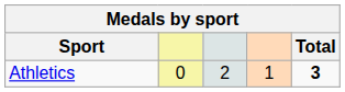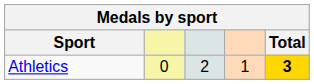 <table class="wikitable" style="font-size:90%; text-align:center;">
 <tr>
 <th colspan="5">Medals by sport</th>
 </tr>
 <tr>
 <th width="120">Sport</th>
 <th scope="col" width="30" style="background:#F7F6A8;"></th>
 <th scope="col" width="30" style="background:#DCE5E5;"></th>
 <th scope="col" width="30" style="background:#FFDAB9;"></th>
 <th width="30">Total</th>
 </tr>
 <tr>
 <td align="left"><a href='#'>Athletics</a></td>
 <td style="background:#F7F6A8;">0</td>
 <td style="background:#DCE5E5;">2</td>
 <td style="background:#FFDAB9;">1</td>
-<td><strong>3</strong></td>
+<td style="background: gold;"><strong>3</strong></td>
 </tr>
 </table>
